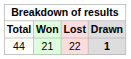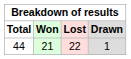 <table class="wikitable" style="text-align:center">
 <tr>
 <th colspan="4" style="background: #ffffff"><strong>Breakdown of results</strong></th>
 </tr>
 <tr>
 <td style="background: #ffffff;"><strong>Total</strong></td>
 <td style="background: #ddffdd;"><strong>Won</strong></td>
 <td style="background: #ffdddd;"><strong>Lost</strong></td>
 <td style="background: #dddddd;"><strong>Drawn</strong></td>
 </tr>
 <tr>
 <td style="background: #ffffff;">44</td>
 <td style="background: #ddffdd;">21</td>
 <td style="background: #ffdddd;">22</td>
-<td style="background: #dddddd;"><strong>1</strong></td>
+<td style="background: #dddddd;">1</td>
 </tr>
 </table>
